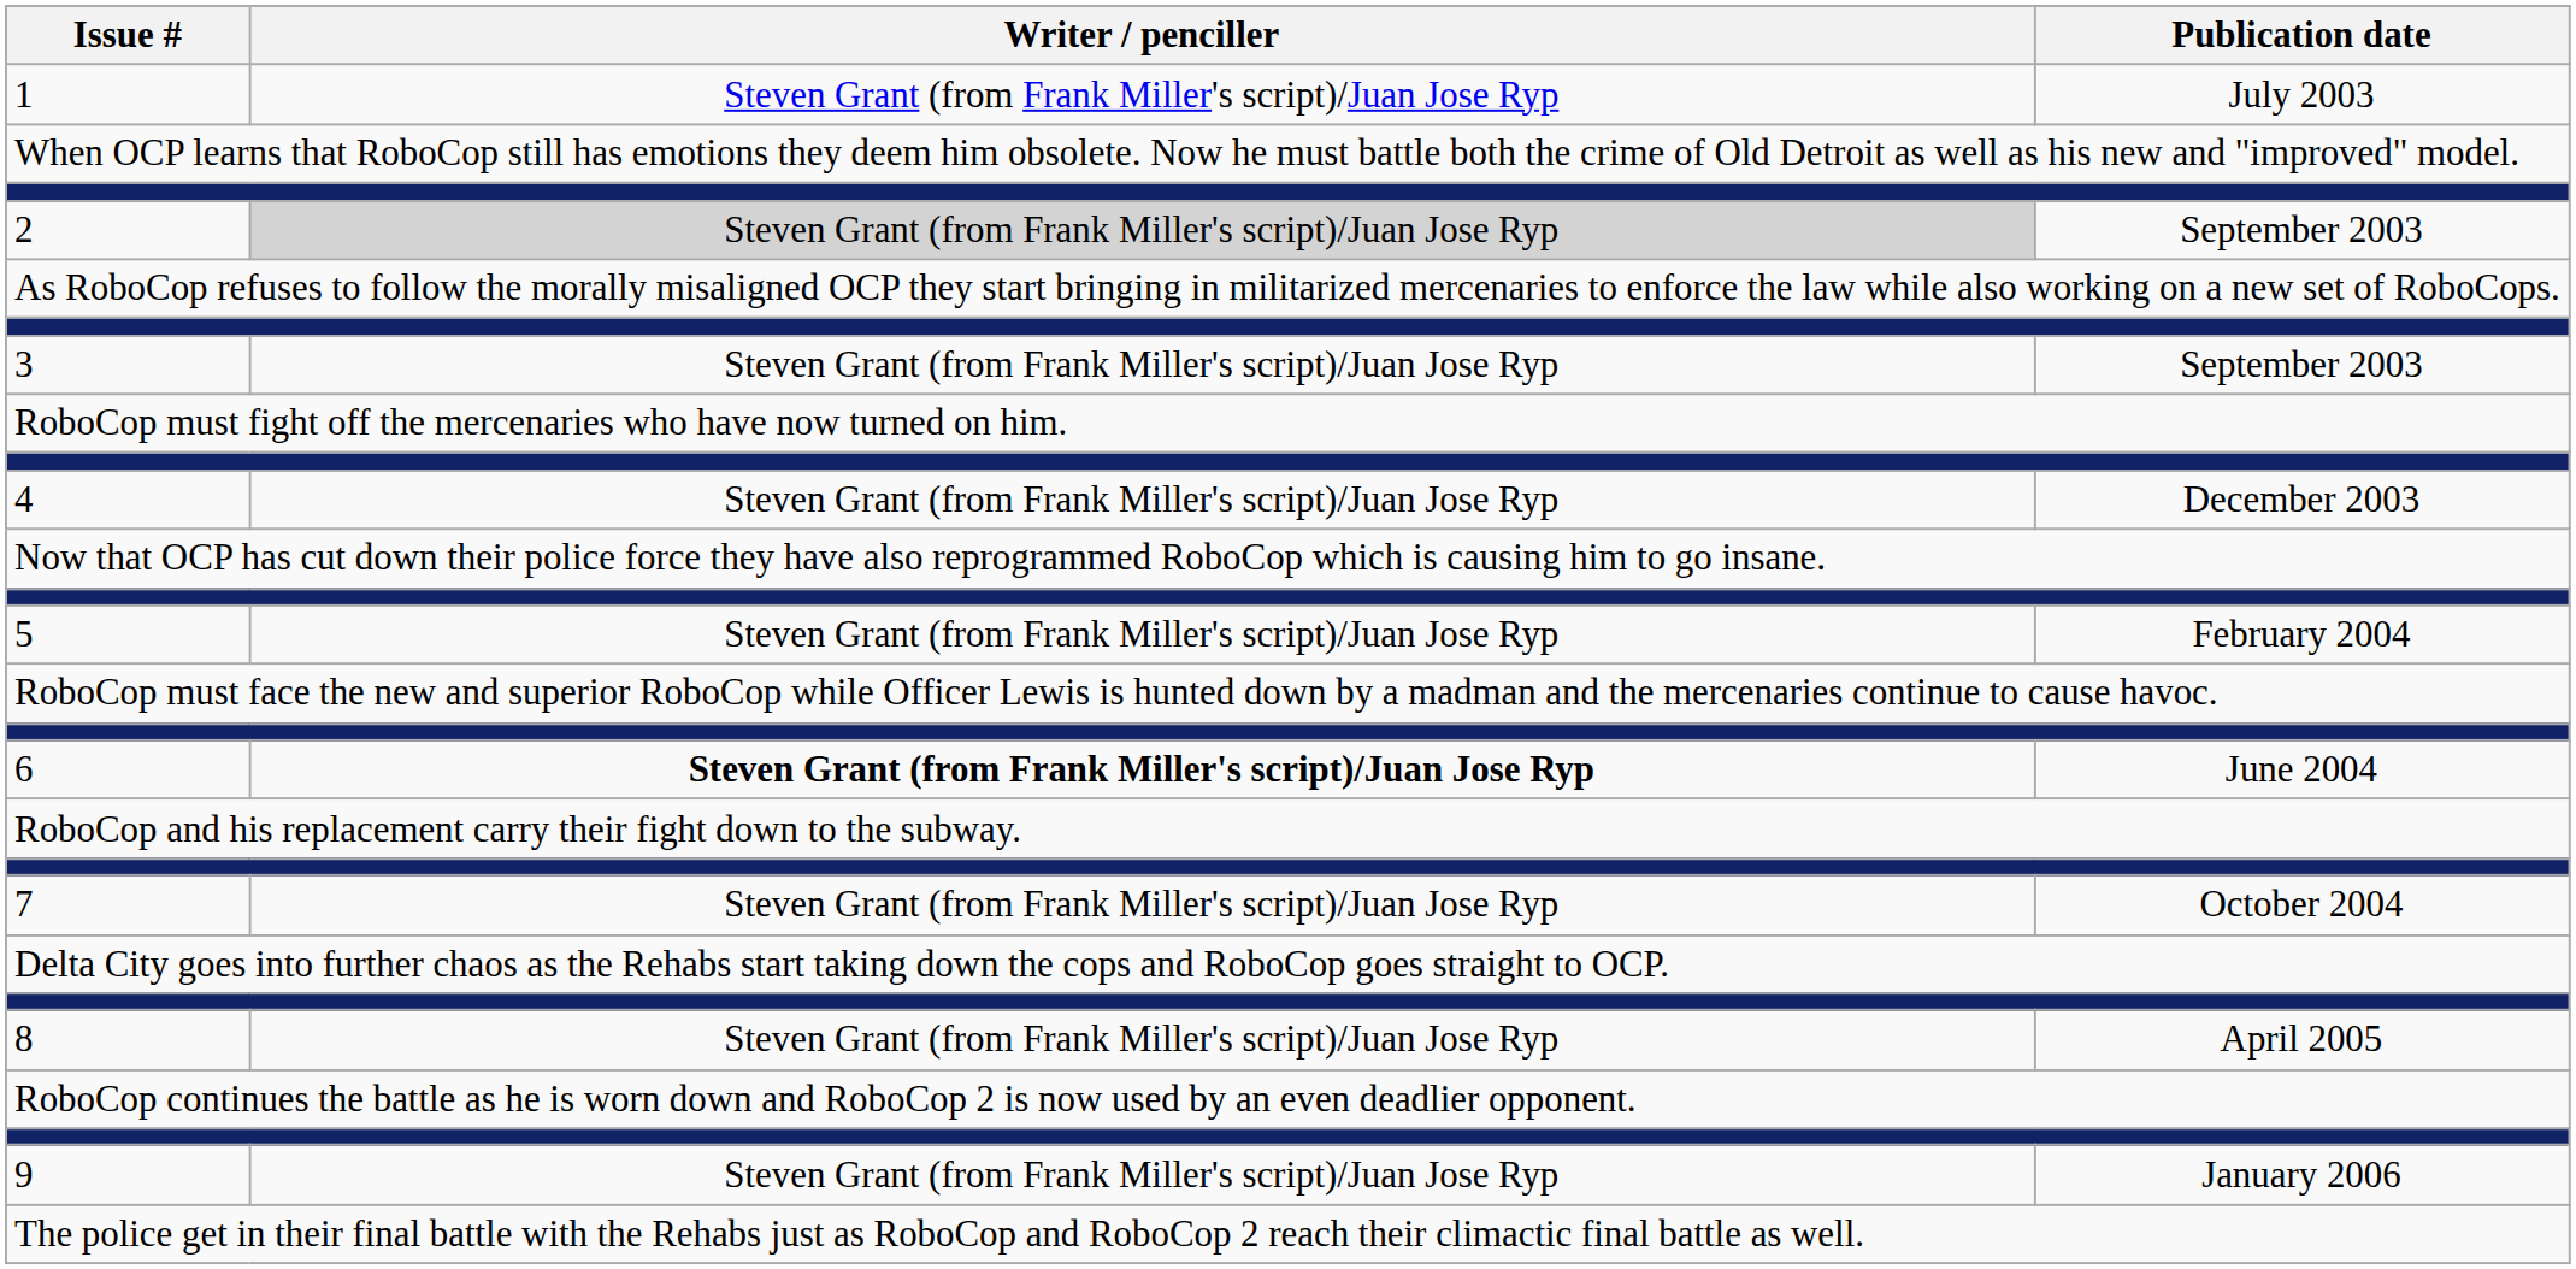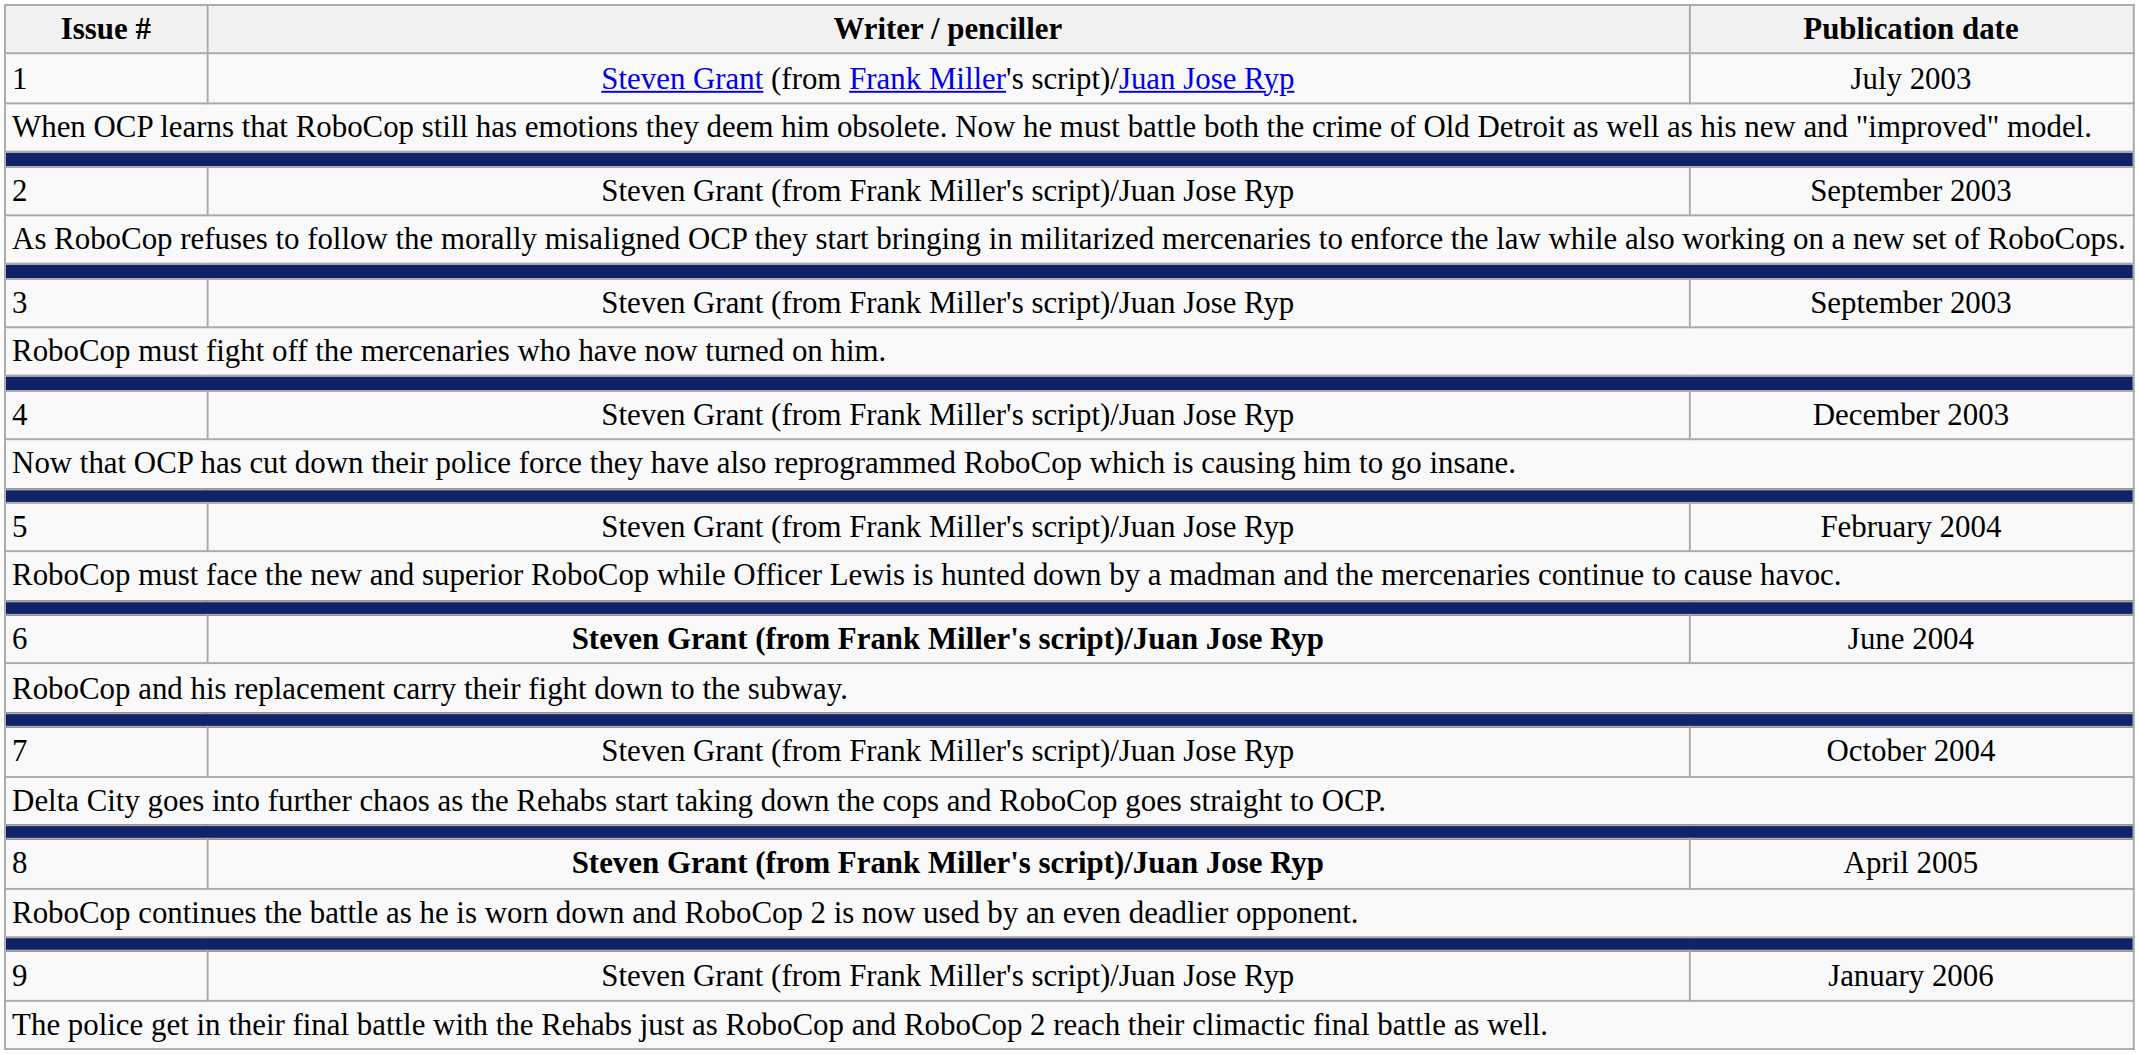 <table class="wikitable">
 <tr>
 <th>Issue #</th>
 <th>Writer / penciller</th>
 <th>Publication date</th>
 </tr>
 <tr>
 <td>1</td>
 <td align="center"><a href='#'>Steven Grant</a> (from <a href='#'>Frank Miller</a>'s script)/<a href='#'>Juan Jose Ryp</a></td>
 <td align="center">July 2003</td>
 </tr>
 <tr>
 <td colspan="6">When OCP learns that RoboCop still has emotions they deem him obsolete. Now he must battle both the crime of Old Detroit as well as his new and "improved" model.</td>
 </tr>
 <tr>
 <td colspan="6" bgcolor="#112266"></td>
 </tr>
 <tr>
 <td>2</td>
-<td align="center" style="background: lightgrey;">Steven Grant (from Frank Miller's script)/Juan Jose Ryp</td>
+<td align="center">Steven Grant (from Frank Miller's script)/Juan Jose Ryp</td>
 <td align="center">September 2003</td>
 </tr>
 <tr>
 <td colspan="6">As RoboCop refuses to follow the morally misaligned OCP they start bringing in militarized mercenaries to enforce the law while also working on a new set of RoboCops.</td>
 </tr>
 <tr>
 <td colspan="6" bgcolor="#112266"></td>
 </tr>
 <tr>
 <td>3</td>
 <td align="center">Steven Grant (from Frank Miller's script)/Juan Jose Ryp</td>
 <td align="center">September 2003</td>
 </tr>
 <tr>
 <td colspan="6">RoboCop must fight off the mercenaries who have now turned on him.</td>
 </tr>
 <tr>
 <td colspan="6" bgcolor="#112266"></td>
 </tr>
 <tr>
 <td>4</td>
 <td align="center">Steven Grant (from Frank Miller's script)/Juan Jose Ryp</td>
 <td align="center">December 2003</td>
 </tr>
 <tr>
 <td colspan="6">Now that OCP has cut down their police force they have also reprogrammed RoboCop which is causing him to go insane.</td>
 </tr>
 <tr>
 <td colspan="6" bgcolor="#112266"></td>
 </tr>
 <tr>
 <td>5</td>
 <td align="center">Steven Grant (from Frank Miller's script)/Juan Jose Ryp</td>
 <td align="center">February 2004</td>
 </tr>
 <tr>
 <td colspan="6">RoboCop must face the new and superior RoboCop while Officer Lewis is hunted down by a madman and the mercenaries continue to cause havoc.</td>
 </tr>
 <tr>
 <td colspan="6" bgcolor="#112266"></td>
 </tr>
 <tr>
 <td>6</td>
 <td align="center"><strong>Steven Grant (from Frank Miller's script)/Juan Jose Ryp</strong></td>
 <td align="center">June 2004</td>
 </tr>
 <tr>
 <td colspan="6">RoboCop and his replacement carry their fight down to the subway.</td>
 </tr>
 <tr>
 <td colspan="6" bgcolor="#112266"></td>
 </tr>
 <tr>
 <td>7</td>
 <td align="center">Steven Grant (from Frank Miller's script)/Juan Jose Ryp</td>
 <td align="center">October 2004</td>
 </tr>
 <tr>
 <td colspan="6">Delta City goes into further chaos as the Rehabs start taking down the cops and RoboCop goes straight to OCP.</td>
 </tr>
 <tr>
 <td colspan="6" bgcolor="#112266"></td>
 </tr>
 <tr>
 <td>8</td>
-<td align="center">Steven Grant (from Frank Miller's script)/Juan Jose Ryp</td>
+<td align="center"><strong>Steven Grant (from Frank Miller's script)/Juan Jose Ryp</strong></td>
 <td align="center">April 2005</td>
 </tr>
 <tr>
 <td colspan="6">RoboCop continues the battle as he is worn down and RoboCop 2 is now used by an even deadlier opponent.</td>
 </tr>
 <tr>
 <td colspan="6" bgcolor="#112266"></td>
 </tr>
 <tr>
 <td>9</td>
 <td align="center">Steven Grant (from Frank Miller's script)/Juan Jose Ryp</td>
 <td align="center">January 2006</td>
 </tr>
 <tr>
 <td colspan="6">The police get in their final battle with the Rehabs just as RoboCop and RoboCop 2 reach their climactic final battle as well.</td>
 </tr>
 </table>
